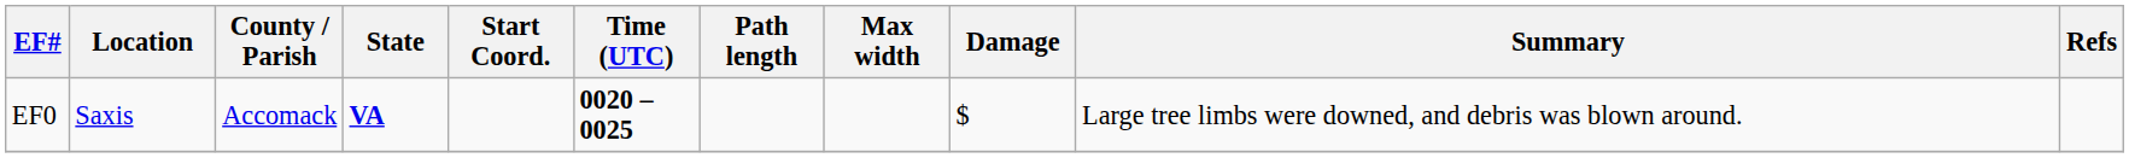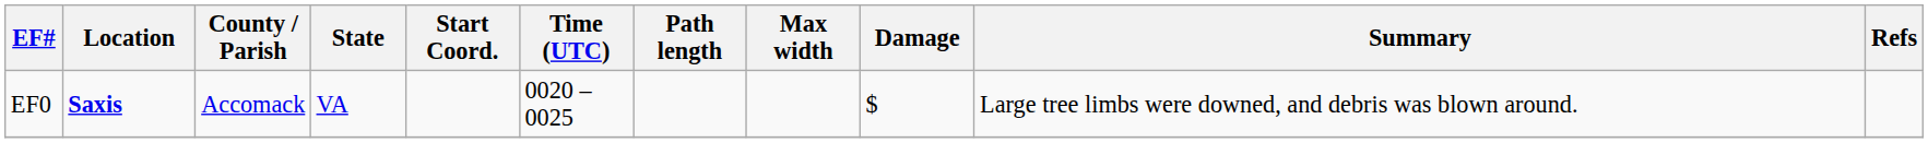 <table class="wikitable sortable" style="width:100%;">
 <tr>
 <th scope="col" width="3%" align="center"><a href='#'>EF#</a></th>
 <th scope="col" width="7%" align="center" class="unsortable">Location</th>
 <th scope="col" width="6%" align="center" class="unsortable">County / Parish</th>
 <th scope="col" width="5%" align="center">State</th>
 <th scope="col" width="6%" align="center">Start Coord.</th>
 <th scope="col" width="6%" align="center">Time (<a href='#'>UTC</a>)</th>
 <th scope="col" width="6%" align="center">Path length</th>
 <th scope="col" width="6%" align="center">Max width</th>
 <th scope="col" width="6%" align="center">Damage</th>
 <th scope="col" width="48%" class="unsortable" align="center">Summary</th>
 <th scope="col" width="48%" class="unsortable" align="center">Refs</th>
 </tr>
 <tr>
 <td>EF0</td>
-<td><a href='#'>Saxis</a></td>
+<td><strong><a href='#'>Saxis</a></strong></td>
 <td><a href='#'>Accomack</a></td>
-<td><strong><a href='#'>VA</a></strong></td>
+<td><a href='#'>VA</a></td>
 <td></td>
-<td><strong>0020 – 0025</strong></td>
+<td>0020 – 0025</td>
 <td></td>
 <td></td>
 <td>$</td>
 <td>Large tree limbs were downed, and debris was blown around.</td>
 <td></td>
 </tr>
 <tr>
 </tr>
 </table>
